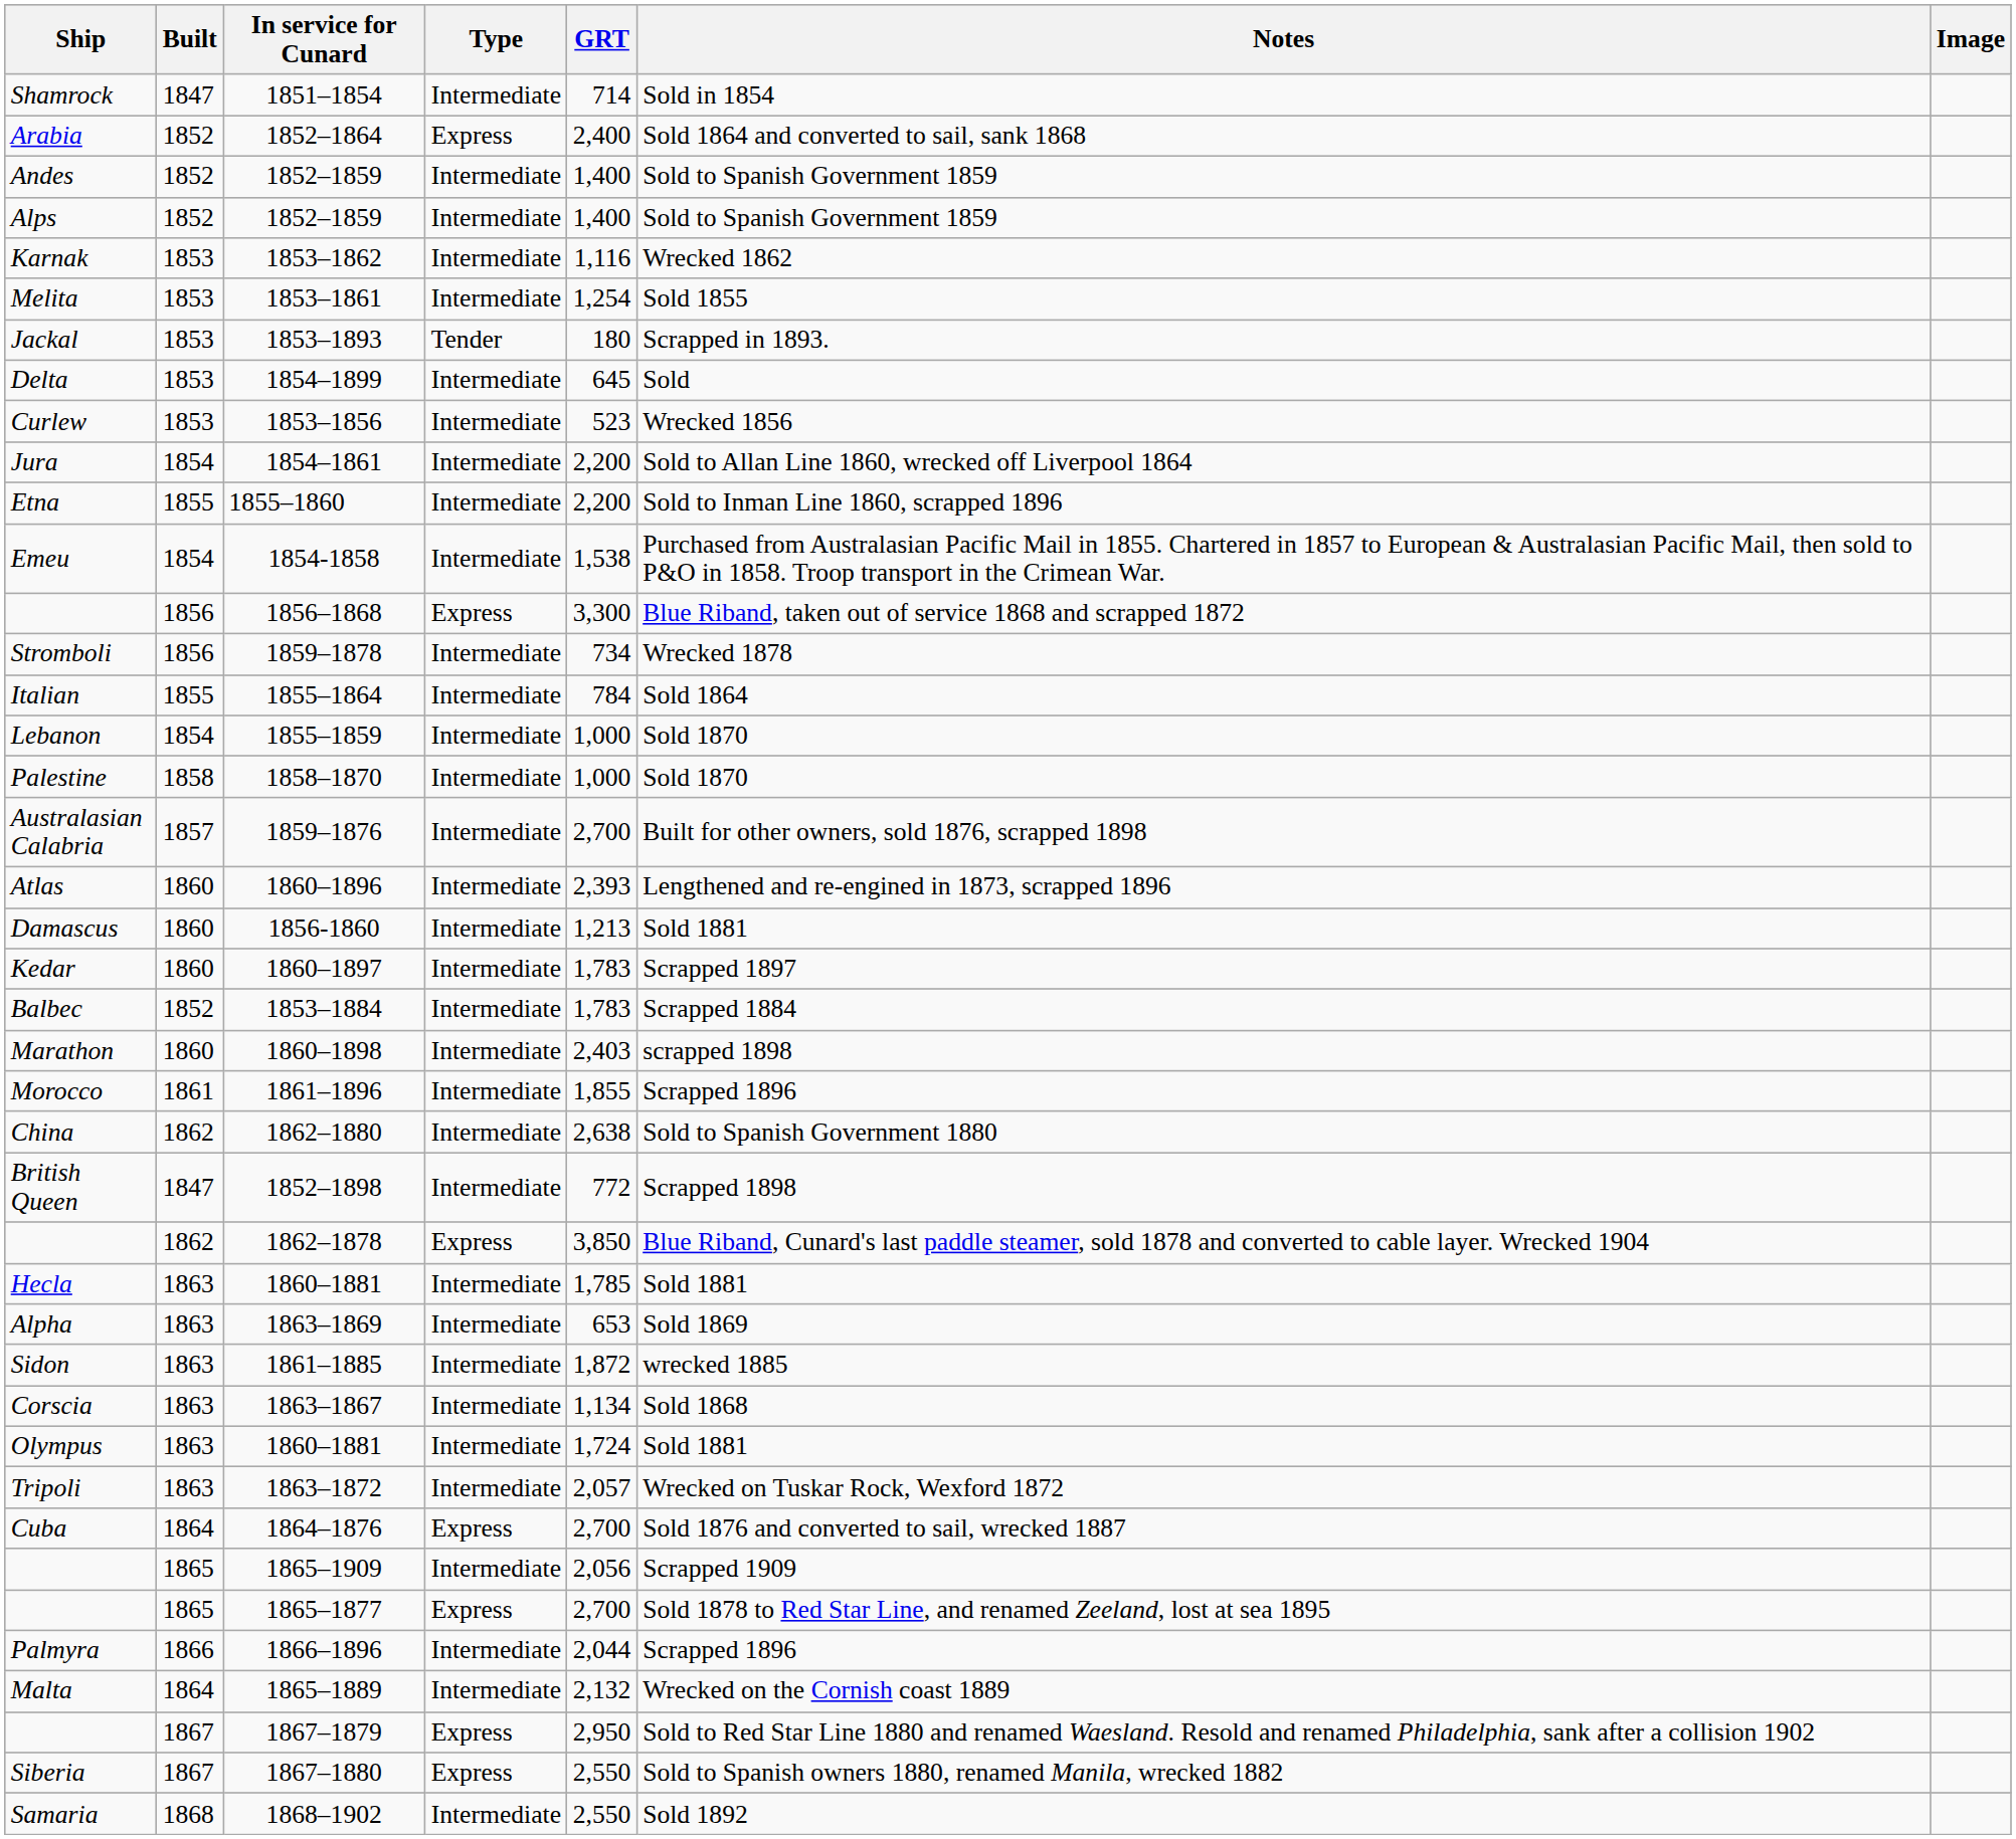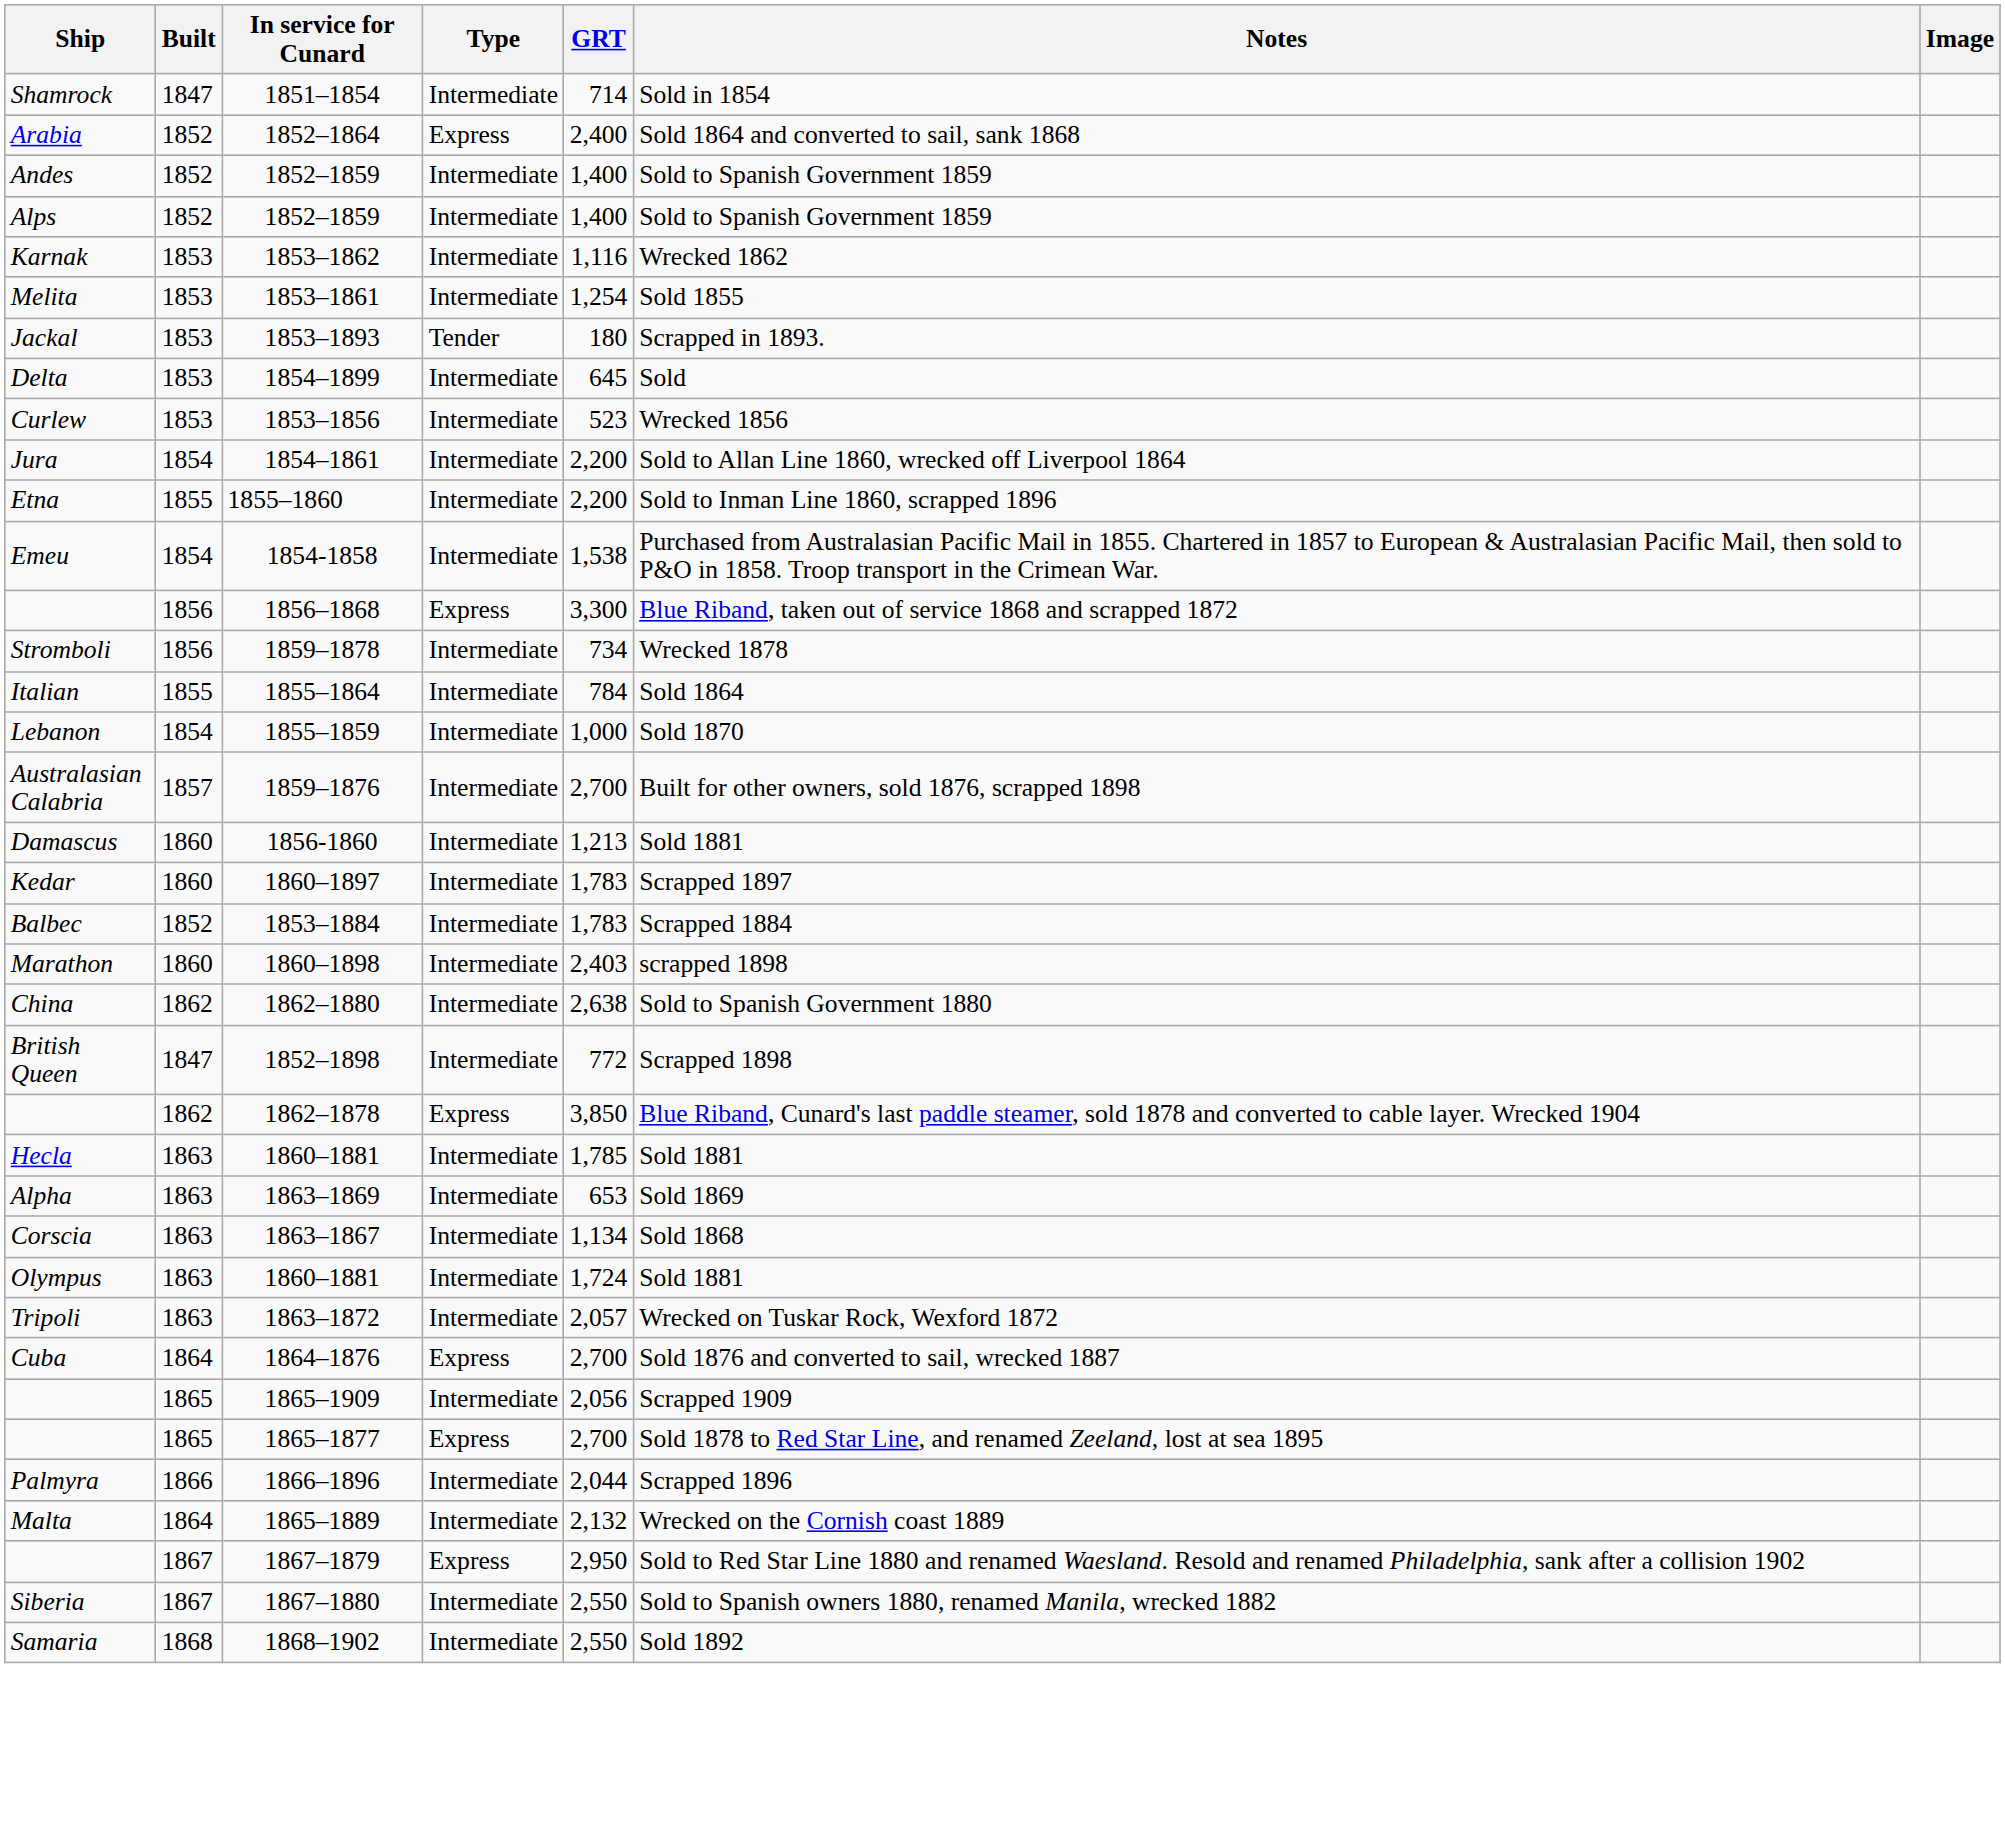 <table class="wikitable sortable">
 <tr>
 <th>Ship</th>
 <th>Built</th>
 <th>In service for Cunard</th>
 <th>Type</th>
 <th><a href='#'>GRT</a></th>
 <th class="unsortable">Notes</th>
 <th>Image</th>
 </tr>
 <tr>
 <td><em>Shamrock</em></td>
 <td>1847</td>
 <td style="text-align:Center;">1851–1854</td>
 <td>Intermediate</td>
 <td style="text-align:Right;">714</td>
 <td>Sold in 1854</td>
 <td></td>
 </tr>
 <tr>
 <td><em><a href='#'>Arabia</a></em></td>
 <td>1852</td>
 <td style="text-align:Center;">1852–1864</td>
 <td>Express</td>
 <td style="text-align:Right;">2,400</td>
 <td>Sold 1864 and converted to sail, sank 1868</td>
 <td></td>
 </tr>
 <tr>
 <td><em>Andes</em></td>
 <td>1852</td>
 <td style="text-align:Center;">1852–1859</td>
 <td>Intermediate</td>
 <td style="text-align:Right;">1,400</td>
 <td>Sold to Spanish Government 1859</td>
 <td></td>
 </tr>
 <tr>
 <td><em>Alps</em></td>
 <td>1852</td>
 <td style="text-align:Center;">1852–1859</td>
 <td>Intermediate</td>
 <td style="text-align:Right;">1,400</td>
 <td>Sold to Spanish Government 1859</td>
 <td></td>
 </tr>
 <tr>
 <td><em>Karnak</em></td>
 <td>1853</td>
 <td style="text-align:Center;">1853–1862</td>
 <td>Intermediate</td>
 <td style="text-align:Right;">1,116</td>
 <td>Wrecked 1862</td>
 <td></td>
 </tr>
 <tr>
 <td><em>Melita</em></td>
 <td>1853</td>
 <td style="text-align:Center;">1853–1861</td>
 <td>Intermediate</td>
 <td style="text-align:Right;">1,254</td>
 <td>Sold 1855</td>
 <td></td>
 </tr>
 <tr>
 <td><em>Jackal</em></td>
 <td>1853</td>
 <td style="text-align:Center;">1853–1893</td>
 <td>Tender</td>
 <td style="text-align:Right;">180</td>
 <td>Scrapped in 1893.</td>
 <td></td>
 </tr>
 <tr>
 <td><em>Delta</em></td>
 <td>1853</td>
 <td style="text-align:Center;">1854–1899</td>
 <td>Intermediate</td>
 <td style="text-align:Right;">645</td>
 <td>Sold</td>
 <td></td>
 </tr>
 <tr>
 <td><em>Curlew</em></td>
 <td>1853</td>
 <td style="text-align:Center;">1853–1856</td>
 <td>Intermediate</td>
 <td style="text-align:Right;">523</td>
 <td>Wrecked 1856</td>
 <td></td>
 </tr>
 <tr>
 <td><em>Jura</em></td>
 <td>1854</td>
 <td style="text-align:Center;">1854–1861</td>
 <td>Intermediate</td>
 <td style="text-align:Right;">2,200</td>
 <td>Sold to Allan Line 1860, wrecked off Liverpool 1864</td>
 <td></td>
 </tr>
 <tr>
 <td><em>Etna</em></td>
 <td>1855</td>
 <td style="text- align:Center;">1855–1860</td>
 <td>Intermediate</td>
 <td style="text-align:Right;">2,200</td>
 <td>Sold to Inman Line 1860, scrapped 1896</td>
 <td></td>
 </tr>
 <tr>
 <td><em>Emeu</em></td>
 <td>1854</td>
 <td style="text-align:Center;">1854-1858</td>
 <td>Intermediate</td>
 <td style="text-align:Right;">1,538</td>
 <td>Purchased from Australasian Pacific Mail in 1855. Chartered in 1857 to European & Australasian Pacific Mail, then sold to P&O in 1858. Troop transport in the Crimean War.</td>
 <td></td>
 </tr>
 <tr>
 <td></td>
 <td>1856</td>
 <td style="text-align:Center;">1856–1868</td>
 <td>Express</td>
 <td style="text-align:Right;">3,300</td>
 <td><a href='#'>Blue Riband</a>, taken out of service 1868 and scrapped 1872</td>
 <td></td>
 </tr>
 <tr>
 <td><em>Stromboli</em></td>
 <td>1856</td>
 <td style="text-align:Center;">1859–1878</td>
 <td>Intermediate</td>
 <td style="text-align:Right;">734</td>
 <td>Wrecked 1878</td>
 <td></td>
 </tr>
 <tr>
 <td><em>Italian</em></td>
 <td>1855</td>
 <td style="text-align:Center;">1855–1864</td>
 <td>Intermediate</td>
 <td style="text-align:Right;">784</td>
 <td>Sold 1864</td>
 <td></td>
 </tr>
 <tr>
 <td><em>Lebanon</em></td>
 <td>1854</td>
 <td style="text-align:Center;">1855–1859</td>
 <td>Intermediate</td>
 <td style="text-align:Right;">1,000</td>
 <td>Sold 1870</td>
 <td></td>
 </tr>
 <tr>
-<td><em>Palestine</em></td>
-<td>1858</td>
-<td style="text-align:Center;">1858–1870</td>
-<td>Intermediate</td>
-<td style="text-align:Right;">1,000</td>
-<td>Sold 1870</td>
-<td></td>
-</tr>
-<tr>
 <td><em>Australasian</em><br> <em>Calabria</em></td>
 <td>1857</td>
 <td style="text-align:Center;">1859–1876</td>
 <td>Intermediate</td>
 <td style="text-align:Right;">2,700</td>
 <td>Built for other owners, sold 1876, scrapped 1898</td>
-<td></td>
-</tr>
-<tr>
-<td><em>Atlas</em></td>
-<td>1860</td>
-<td style="text-align:Center;">1860–1896</td>
-<td>Intermediate</td>
-<td style="text-align:Right;">2,393</td>
-<td>Lengthened and re-engined in 1873, scrapped 1896</td>
 <td></td>
 </tr>
 <tr>
 <td><em>Damascus</em></td>
 <td>1860</td>
 <td style="text-align:Center;">1856-1860</td>
 <td>Intermediate</td>
 <td style="text-align:Right;">1,213</td>
 <td>Sold 1881</td>
 <td></td>
 </tr>
 <tr>
 <td><em>Kedar</em></td>
 <td>1860</td>
 <td style="text-align:Center;">1860–1897</td>
 <td>Intermediate</td>
 <td style="text-align:Right;">1,783</td>
 <td>Scrapped 1897</td>
 <td></td>
 </tr>
 <tr>
 <td><em>Balbec</em></td>
 <td>1852</td>
 <td style="text-align:Center;">1853–1884</td>
 <td>Intermediate</td>
 <td style="text-align:Right;">1,783</td>
 <td>Scrapped 1884</td>
 <td></td>
 </tr>
 <tr>
 <td><em>Marathon</em></td>
 <td>1860</td>
 <td style="text-align:Center;">1860–1898</td>
 <td>Intermediate</td>
 <td style="text-align:Right;">2,403</td>
 <td>scrapped 1898</td>
-<td></td>
-</tr>
-<tr>
-<td><em>Morocco</em></td>
-<td>1861</td>
-<td style="text-align:Center;">1861–1896</td>
-<td>Intermediate</td>
-<td style="text-align:Right;">1,855</td>
-<td>Scrapped 1896</td>
 <td></td>
 </tr>
 <tr>
 <td><em>China</em></td>
 <td>1862</td>
 <td style="text-align:Center;">1862–1880</td>
 <td>Intermediate</td>
 <td style="text-align:Right;">2,638</td>
 <td>Sold to Spanish Government 1880</td>
 <td></td>
 </tr>
 <tr>
 <td><em>British Queen</em></td>
 <td>1847</td>
 <td style="text-align:Center;">1852–1898</td>
 <td>Intermediate</td>
 <td style="text-align:Right;">772</td>
 <td>Scrapped 1898</td>
 <td></td>
 </tr>
 <tr>
 <td></td>
 <td>1862</td>
 <td style="text-align:Center;">1862–1878</td>
 <td>Express</td>
 <td style="text-align:Right;">3,850</td>
 <td><a href='#'>Blue Riband</a>, Cunard's last <a href='#'>paddle steamer</a>, sold 1878 and converted to cable layer. Wrecked 1904</td>
 <td></td>
 </tr>
 <tr>
 <td><em><a href='#'>Hecla</a></em></td>
 <td>1863</td>
 <td style="text-align:Center;">1860–1881</td>
 <td>Intermediate</td>
 <td style="text-align:Right;">1,785</td>
 <td>Sold 1881</td>
 <td></td>
 </tr>
 <tr>
 <td><em>Alpha</em></td>
 <td>1863</td>
 <td style="text-align:Center;">1863–1869</td>
 <td>Intermediate</td>
 <td style="text-align:Right;">653</td>
 <td>Sold 1869</td>
-<td></td>
-</tr>
-<tr>
-<td><em>Sidon</em></td>
-<td>1863</td>
-<td style="text-align:Center;">1861–1885</td>
-<td>Intermediate</td>
-<td style="text-align:Right;">1,872</td>
-<td>wrecked 1885</td>
 <td></td>
 </tr>
 <tr>
 <td><em>Corscia</em></td>
 <td>1863</td>
 <td style="text-align:Center;">1863–1867</td>
 <td>Intermediate</td>
 <td style="text-align:Right;">1,134</td>
 <td>Sold 1868</td>
 <td></td>
 </tr>
 <tr>
 <td><em>Olympus</em></td>
 <td>1863</td>
 <td style="text-align:Center;">1860–1881</td>
 <td>Intermediate</td>
 <td style="text-align:Right;">1,724</td>
 <td>Sold 1881</td>
 <td></td>
 </tr>
 <tr>
 <td><em>Tripoli</em></td>
 <td>1863</td>
 <td style="text-align:Center;">1863–1872</td>
 <td>Intermediate</td>
 <td style="text-align:Right;">2,057</td>
 <td>Wrecked on Tuskar Rock, Wexford 1872</td>
 <td></td>
 </tr>
 <tr>
 <td><em>Cuba</em></td>
 <td>1864</td>
 <td style="text-align:Center;">1864–1876</td>
 <td>Express</td>
 <td style="text-align:Right;">2,700</td>
 <td>Sold 1876 and converted to sail, wrecked 1887</td>
 <td></td>
 </tr>
 <tr>
 <td></td>
 <td>1865</td>
 <td style="text-align:Center;">1865–1909</td>
 <td>Intermediate</td>
 <td style="text-align:Right;">2,056</td>
 <td>Scrapped 1909</td>
 <td></td>
 </tr>
 <tr>
 <td></td>
 <td>1865</td>
 <td style="text-align:Center;">1865–1877</td>
 <td>Express</td>
 <td style="text-align:Right;">2,700</td>
 <td>Sold 1878 to <a href='#'>Red Star Line</a>, and renamed <em>Zeeland</em>, lost at sea 1895</td>
 <td></td>
 </tr>
 <tr>
 <td><em> Palmyra </em></td>
 <td>1866</td>
 <td style="text-align:Center;">1866–1896</td>
 <td>Intermediate</td>
 <td style="text-align:Right;">2,044</td>
 <td>Scrapped 1896</td>
 <td></td>
 </tr>
 <tr>
 <td><em> Malta </em></td>
 <td>1864</td>
 <td style="text-align:Center;">1865–1889</td>
 <td>Intermediate</td>
 <td style="text-align:Right;">2,132</td>
 <td>Wrecked on the <a href='#'>Cornish</a> coast 1889</td>
 <td></td>
 </tr>
 <tr>
 <td></td>
 <td>1867</td>
 <td style="text-align:Center;">1867–1879</td>
 <td>Express</td>
 <td style="text-align:Right;">2,950</td>
 <td>Sold to Red Star Line 1880 and renamed <em>Waesland</em>. Resold and renamed <em>Philadelphia</em>, sank after a collision 1902</td>
 <td></td>
 </tr>
 <tr>
 <td><em>Siberia</em></td>
 <td>1867</td>
 <td style="text-align:Center;">1867–1880</td>
-<td>Express</td>
+<td>Intermediate</td>
 <td style="text-align:Right;">2,550</td>
 <td>Sold to Spanish owners 1880, renamed <em>Manila</em>, wrecked 1882</td>
 <td></td>
 </tr>
 <tr>
 <td><em>Samaria</em></td>
 <td>1868</td>
 <td style="text-align:Center;">1868–1902</td>
 <td>Intermediate</td>
 <td style="text-align:Right;">2,550</td>
 <td>Sold 1892</td>
 <td></td>
 </tr>
 </table>
